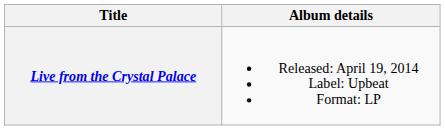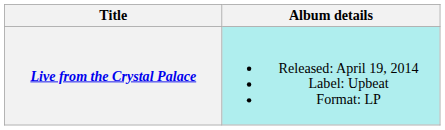 <table class="wikitable plainrowheaders" style="text-align:center;" border="1">
 <tr>
 <th scope="col" style="width:15em;">Title</th>
 <th scope="col" style="width:15em;">Album details</th>
 </tr>
 <tr>
 <th scope="row"><em><a href='#'>Live from the Crystal Palace</a></em></th>
-<td><br><ul><li>Released: April 19, 2014</li><li>Label: Upbeat</li><li>Format: LP</li></ul></td>
+<td style="background: paleturquoise;"><br><ul><li>Released: April 19, 2014</li><li>Label: Upbeat</li><li>Format: LP</li></ul></td>
 </tr>
 </table>
